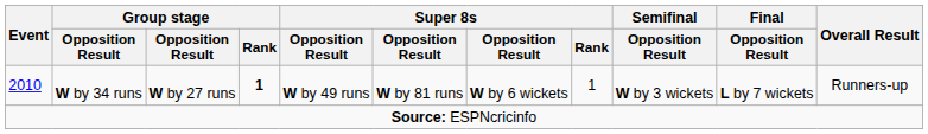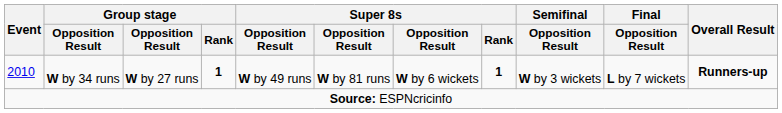 <table class=wikitable style=font-size:90%;text-align:center>
 <tr>
 <th rowspan=2>Event</th>
 <th colspan=3>Group stage</th>
 <th colspan=4>Super 8s</th>
 <th>Semifinal</th>
 <th>Final</th>
 <th rowspan=2>Overall Result</th>
 </tr>
 <tr style=font-size:95%>
 <th>Opposition<br>Result</th>
 <th>Opposition<br>Result</th>
 <th>Rank</th>
 <th>Opposition<br>Result</th>
 <th>Opposition<br>Result</th>
 <th>Opposition<br>Result</th>
 <th>Rank</th>
 <th>Opposition<br>Result</th>
 <th>Opposition<br>Result</th>
 </tr>
 <tr>
 <td align=left><a href='#'>2010</a></td>
 <td><br><strong>W</strong> by 34 runs</td>
 <td><br><strong>W</strong> by 27 runs</td>
 <td><strong>1</strong></td>
 <td><br><strong>W</strong> by 49 runs</td>
 <td><br><strong>W</strong> by 81 runs</td>
 <td><br><strong>W</strong> by 6 wickets</td>
-<td>1</td>
+<td><strong>1</strong></td>
 <td><br> <strong>W</strong> by 3 wickets</td>
 <td><br> <strong>L</strong> by 7 wickets</td>
-<td>Runners-up</td>
+<td><strong>Runners-up</strong></td>
 </tr>
 <tr>
 <td colspan="11"><strong>Source:</strong> ESPNcricinfo</td>
 </tr>
 </table>
